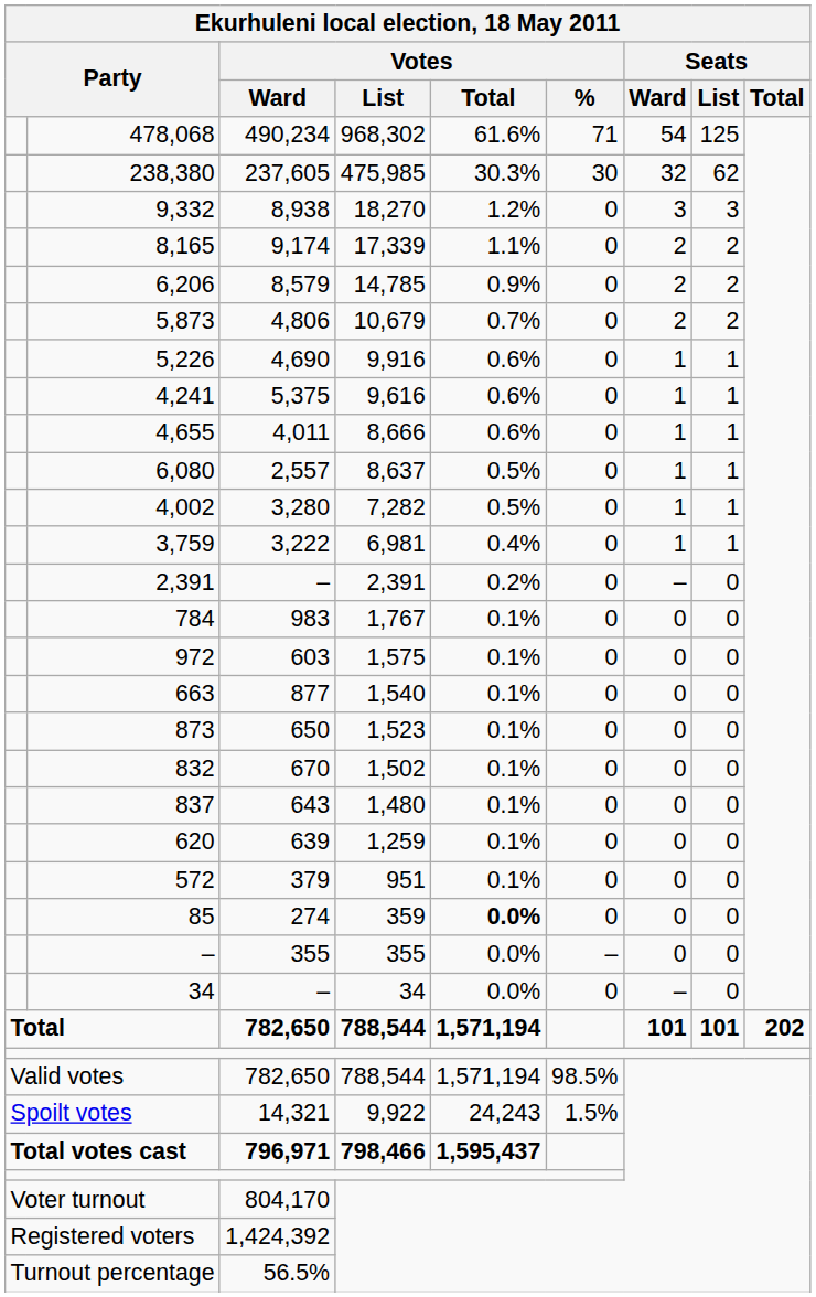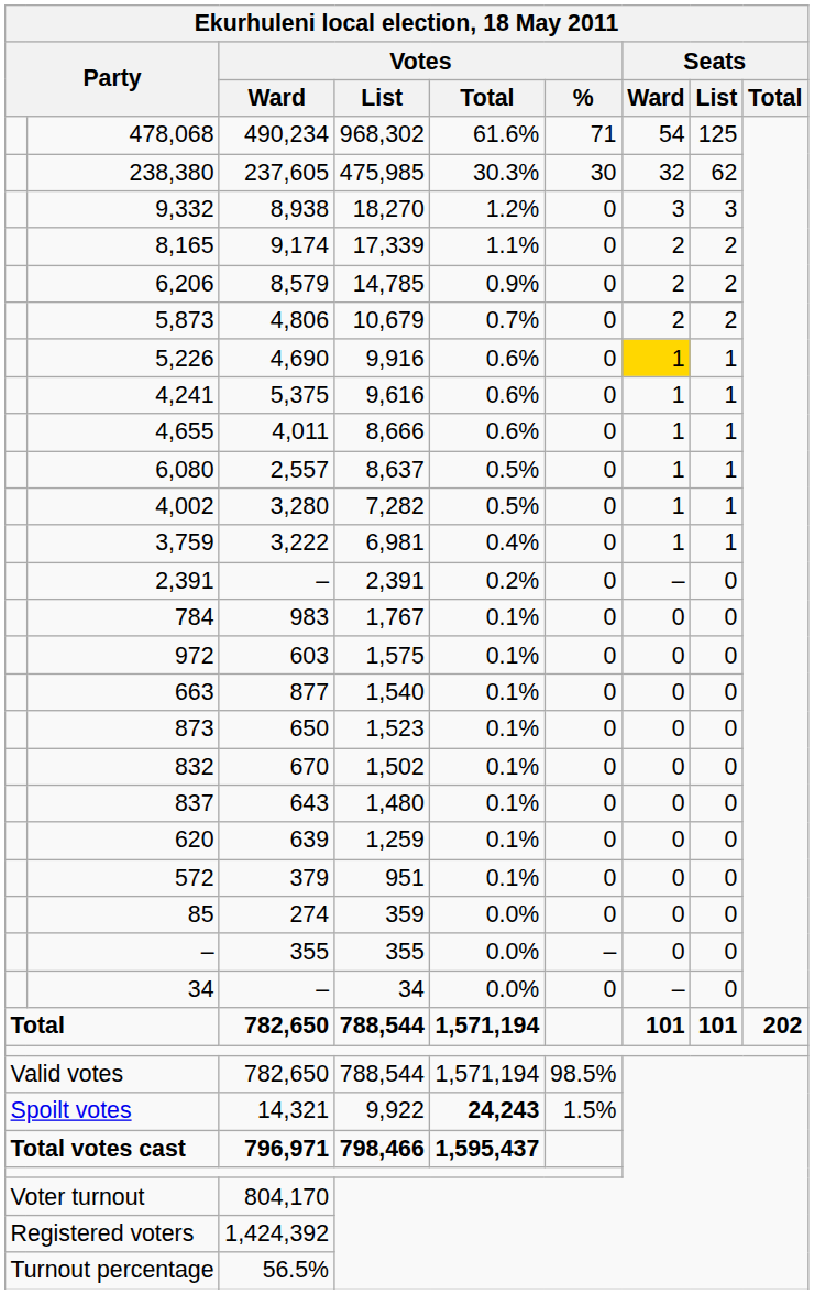 <table class=wikitable style="text-align:right">
 <tr>
 <th colspan="9" align="center">Ekurhuleni local election, 18 May 2011</th>
 </tr>
 <tr>
 <th rowspan="2" colspan="2">Party</th>
 <th colspan="4" align="center">Votes</th>
 <th colspan="3" align="center">Seats</th>
 </tr>
 <tr>
 <th>Ward</th>
 <th>List</th>
 <th>Total</th>
 <th>%</th>
 <th>Ward</th>
 <th>List</th>
 <th>Total</th>
 </tr>
 <tr>
 <td></td>
 <td>478,068</td>
 <td>490,234</td>
 <td>968,302</td>
 <td>61.6%</td>
 <td>71</td>
 <td>54</td>
 <td>125</td>
 </tr>
 <tr>
 <td></td>
 <td>238,380</td>
 <td>237,605</td>
 <td>475,985</td>
 <td>30.3%</td>
 <td>30</td>
 <td>32</td>
 <td>62</td>
 </tr>
 <tr>
 <td></td>
 <td>9,332</td>
 <td>8,938</td>
 <td>18,270</td>
 <td>1.2%</td>
 <td>0</td>
 <td>3</td>
 <td>3</td>
 </tr>
 <tr>
 <td></td>
 <td>8,165</td>
 <td>9,174</td>
 <td>17,339</td>
 <td>1.1%</td>
 <td>0</td>
 <td>2</td>
 <td>2</td>
 </tr>
 <tr>
 <td></td>
 <td>6,206</td>
 <td>8,579</td>
 <td>14,785</td>
 <td>0.9%</td>
 <td>0</td>
 <td>2</td>
 <td>2</td>
 </tr>
 <tr>
 <td></td>
 <td>5,873</td>
 <td>4,806</td>
 <td>10,679</td>
 <td>0.7%</td>
 <td>0</td>
 <td>2</td>
 <td>2</td>
 </tr>
 <tr>
 <td></td>
 <td>5,226</td>
 <td>4,690</td>
 <td>9,916</td>
 <td>0.6%</td>
 <td>0</td>
-<td>1</td>
+<td style="background: gold;">1</td>
 <td>1</td>
 </tr>
 <tr>
 <td></td>
 <td>4,241</td>
 <td>5,375</td>
 <td>9,616</td>
 <td>0.6%</td>
 <td>0</td>
 <td>1</td>
 <td>1</td>
 </tr>
 <tr>
 <td></td>
 <td>4,655</td>
 <td>4,011</td>
 <td>8,666</td>
 <td>0.6%</td>
 <td>0</td>
 <td>1</td>
 <td>1</td>
 </tr>
 <tr>
 <td></td>
 <td>6,080</td>
 <td>2,557</td>
 <td>8,637</td>
 <td>0.5%</td>
 <td>0</td>
 <td>1</td>
 <td>1</td>
 </tr>
 <tr>
 <td></td>
 <td>4,002</td>
 <td>3,280</td>
 <td>7,282</td>
 <td>0.5%</td>
 <td>0</td>
 <td>1</td>
 <td>1</td>
 </tr>
 <tr>
 <td></td>
 <td>3,759</td>
 <td>3,222</td>
 <td>6,981</td>
 <td>0.4%</td>
 <td>0</td>
 <td>1</td>
 <td>1</td>
 </tr>
 <tr>
 <td></td>
 <td>2,391</td>
 <td>–</td>
 <td>2,391</td>
 <td>0.2%</td>
 <td>0</td>
 <td>–</td>
 <td>0</td>
 </tr>
 <tr>
 <td></td>
 <td>784</td>
 <td>983</td>
 <td>1,767</td>
 <td>0.1%</td>
 <td>0</td>
 <td>0</td>
 <td>0</td>
 </tr>
 <tr>
 <td></td>
 <td>972</td>
 <td>603</td>
 <td>1,575</td>
 <td>0.1%</td>
 <td>0</td>
 <td>0</td>
 <td>0</td>
 </tr>
 <tr>
 <td></td>
 <td>663</td>
 <td>877</td>
 <td>1,540</td>
 <td>0.1%</td>
 <td>0</td>
 <td>0</td>
 <td>0</td>
 </tr>
 <tr>
 <td></td>
 <td>873</td>
 <td>650</td>
 <td>1,523</td>
 <td>0.1%</td>
 <td>0</td>
 <td>0</td>
 <td>0</td>
 </tr>
 <tr>
 <td></td>
 <td>832</td>
 <td>670</td>
 <td>1,502</td>
 <td>0.1%</td>
 <td>0</td>
 <td>0</td>
 <td>0</td>
 </tr>
 <tr>
 <td></td>
 <td>837</td>
 <td>643</td>
 <td>1,480</td>
 <td>0.1%</td>
 <td>0</td>
 <td>0</td>
 <td>0</td>
 </tr>
 <tr>
 <td></td>
 <td>620</td>
 <td>639</td>
 <td>1,259</td>
 <td>0.1%</td>
 <td>0</td>
 <td>0</td>
 <td>0</td>
 </tr>
 <tr>
 <td></td>
 <td>572</td>
 <td>379</td>
 <td>951</td>
 <td>0.1%</td>
 <td>0</td>
 <td>0</td>
 <td>0</td>
 </tr>
 <tr>
 <td></td>
 <td>85</td>
 <td>274</td>
 <td>359</td>
-<td><strong>0.0%</strong></td>
+<td>0.0%</td>
 <td>0</td>
 <td>0</td>
 <td>0</td>
 </tr>
 <tr>
 <td></td>
 <td>–</td>
 <td>355</td>
 <td>355</td>
 <td>0.0%</td>
 <td>–</td>
 <td>0</td>
 <td>0</td>
 </tr>
 <tr>
 <td></td>
 <td>34</td>
 <td>–</td>
 <td>34</td>
 <td>0.0%</td>
 <td>0</td>
 <td>–</td>
 <td>0</td>
 </tr>
 <tr>
 <td colspan="2" style="text-align:left"><strong>Total</strong></td>
 <td><strong>782,650</strong></td>
 <td><strong>788,544</strong></td>
 <td><strong>1,571,194</strong></td>
 <td></td>
 <td><strong>101</strong></td>
 <td><strong>101</strong></td>
 <td><strong>202</strong></td>
 </tr>
 <tr>
 <td colspan="9"></td>
 </tr>
 <tr>
 <td colspan="2" style="text-align:left">Valid votes</td>
 <td>782,650</td>
 <td>788,544</td>
 <td>1,571,194</td>
 <td>98.5%</td>
 </tr>
 <tr>
 <td colspan="2" style="text-align:left"><a href='#'>Spoilt votes</a></td>
 <td>14,321</td>
 <td>9,922</td>
-<td>24,243</td>
+<td><strong>24,243</strong></td>
 <td>1.5%</td>
 </tr>
 <tr>
 <td colspan="2" style="text-align:left"><strong>Total votes cast</strong></td>
 <td><strong>796,971</strong></td>
 <td><strong>798,466</strong></td>
 <td><strong>1,595,437</strong></td>
 <td></td>
 </tr>
 <tr>
 <td colspan="6"></td>
 </tr>
 <tr>
 <td colspan="2" style="text-align:left">Voter turnout</td>
 <td>804,170</td>
 </tr>
 <tr>
 <td colspan="2" style="text-align:left">Registered voters</td>
 <td>1,424,392</td>
 </tr>
 <tr>
 <td colspan="2" style="text-align:left">Turnout percentage</td>
 <td>56.5%</td>
 </tr>
 </table>
